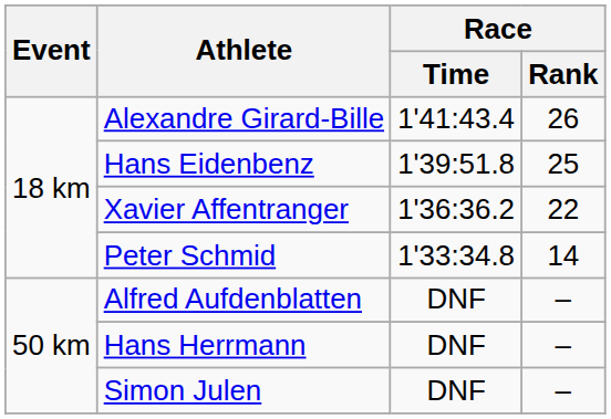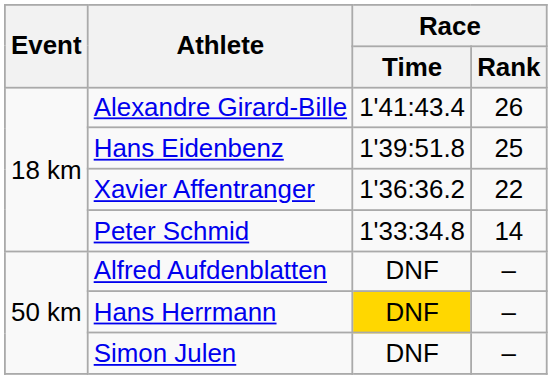 <table class="wikitable" border="1" style="font-size:90%">
 <tr>
 <th rowspan=2>Event</th>
 <th rowspan=2>Athlete</th>
 <th colspan=2>Race</th>
 </tr>
 <tr>
 <th>Time</th>
 <th>Rank</th>
 </tr>
 <tr>
 <td rowspan=4>18 km</td>
 <td><a href='#'>Alexandre Girard-Bille</a></td>
 <td align=center>1'41:43.4</td>
 <td align=center>26</td>
 </tr>
 <tr>
 <td><a href='#'>Hans Eidenbenz</a></td>
 <td align=center>1'39:51.8</td>
 <td align=center>25</td>
 </tr>
 <tr>
 <td><a href='#'>Xavier Affentranger</a></td>
 <td align=center>1'36:36.2</td>
 <td align=center>22</td>
 </tr>
 <tr>
 <td><a href='#'>Peter Schmid</a></td>
 <td align=center>1'33:34.8</td>
 <td align=center>14</td>
 </tr>
 <tr>
 <td rowspan=3>50 km</td>
 <td><a href='#'>Alfred Aufdenblatten</a></td>
 <td align=center>DNF</td>
 <td align=center>–</td>
 </tr>
 <tr>
 <td><a href='#'>Hans Herrmann</a></td>
-<td align=center>DNF</td>
+<td align=center style="background: gold;">DNF</td>
 <td align=center>–</td>
 </tr>
 <tr>
 <td><a href='#'>Simon Julen</a></td>
 <td align=center>DNF</td>
 <td align=center>–</td>
 </tr>
 </table>
